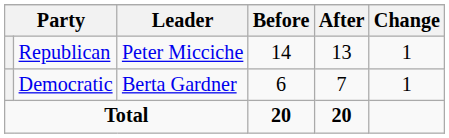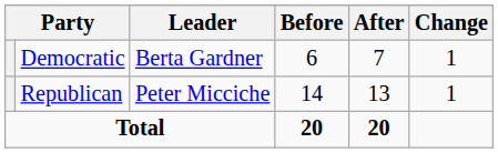 <table class="wikitable" style="text-align:center;">
 <tr>
 </tr>
 <tr>
 <th colspan=2>Party</th>
 <th>Leader</th>
 <th>Before</th>
 <th>After</th>
 <th>Change</th>
 </tr>
 <tr>
 <th style="background-color:"></th>
+<td style="text-align:left;"><a href='#'>Democratic</a></td>
+<td style="text-align:left;"><a href='#'>Berta Gardner</a></td>
+<td>6</td>
+<td>7</td>
+<td> 1</td>
+</tr>
+<tr>
+<th style="background-color:"></th>
 <td style="text-align:left;"><a href='#'>Republican</a></td>
 <td style="text-align:left;"><a href='#'>Peter Micciche</a></td>
 <td>14</td>
 <td>13</td>
-<td> 1</td>
-</tr>
-<tr>
-<th style="background-color:"></th>
-<td style="text-align:left;"><a href='#'>Democratic</a></td>
-<td style="text-align:left;"><a href='#'>Berta Gardner</a></td>
-<td>6</td>
-<td>7</td>
 <td> 1</td>
 </tr>
 <tr>
 <td colspan=3><strong>Total</strong></td>
 <td><strong>20</strong></td>
 <td><strong>20</strong></td>
 <td></td>
 </tr>
 </table>
